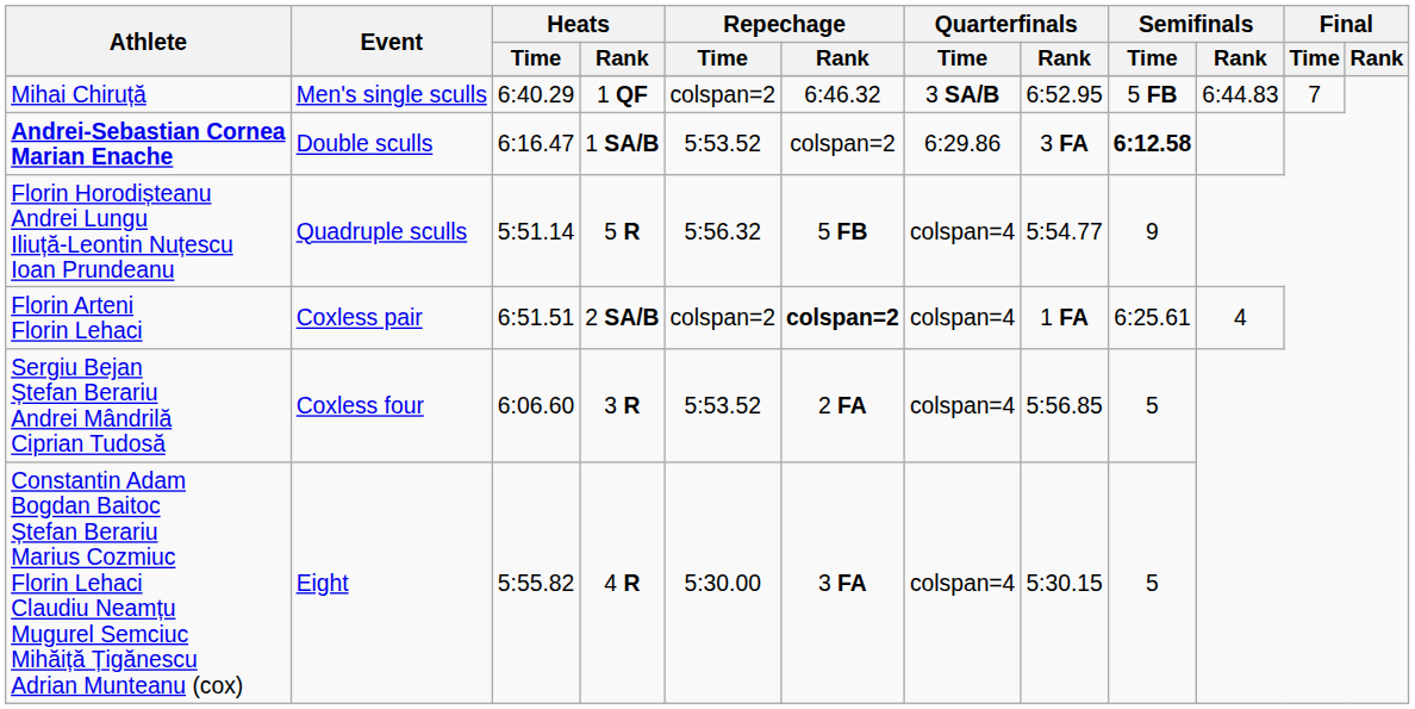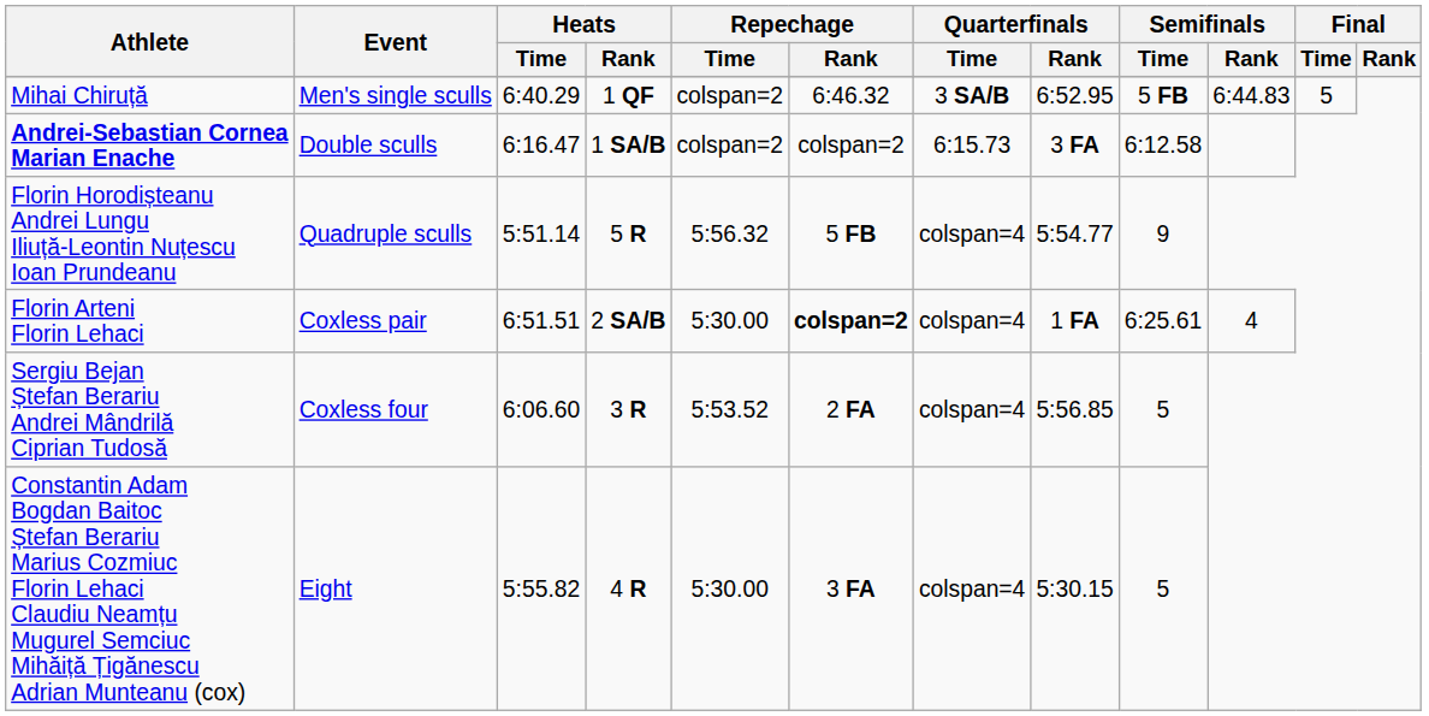 <table class=wikitable style=font-size:90%;text-align:center>
 <tr>
 <th rowspan=2>Athlete</th>
 <th rowspan=2>Event</th>
 <th colspan=2>Heats</th>
 <th colspan=2>Repechage</th>
 <th colspan=2>Quarterfinals</th>
 <th colspan=2>Semifinals</th>
 <th colspan=2>Final</th>
 </tr>
 <tr style=font-size:95%>
 <th>Time</th>
 <th>Rank</th>
 <th>Time</th>
 <th>Rank</th>
 <th>Time</th>
 <th>Rank</th>
 <th>Time</th>
 <th>Rank</th>
 <th>Time</th>
 <th>Rank</th>
 </tr>
 <tr>
 </tr>
 <tr>
 <td align=left><a href='#'>Mihai Chiruță</a></td>
 <td align=left><a href='#'>Men's single sculls</a></td>
 <td>6:40.29</td>
 <td>1 <strong>QF</strong></td>
 <td>colspan=2 </td>
 <td>6:46.32</td>
 <td>3 <strong>SA/B</strong></td>
 <td>6:52.95</td>
 <td>5 <strong>FB</strong></td>
 <td>6:44.83</td>
-<td>7</td>
+<td>5</td>
 </tr>
 <tr>
 <td align=left><strong><a href='#'>Andrei-Sebastian Cornea</a></strong><br><strong><a href='#'>Marian Enache</a></strong></td>
 <td align=left><a href='#'>Double sculls</a></td>
 <td>6:16.47</td>
 <td>1 <strong>SA/B</strong></td>
-<td>5:53.52</td>
 <td>colspan=2 </td>
-<td>6:29.86</td>
+<td>colspan=2 </td>
+<td>6:15.73</td>
 <td>3 <strong>FA</strong></td>
-<td><strong>6:12.58</strong></td>
+<td>6:12.58</td>
 <td></td>
 </tr>
 <tr>
 <td align=left><a href='#'>Florin Horodișteanu</a><br><a href='#'>Andrei Lungu</a><br><a href='#'>Iliuță-Leontin Nuțescu</a><br><a href='#'>Ioan Prundeanu</a></td>
 <td align=left><a href='#'>Quadruple sculls</a></td>
 <td>5:51.14</td>
 <td>5 <strong>R</strong></td>
 <td>5:56.32</td>
 <td>5 <strong>FB</strong></td>
 <td>colspan=4 </td>
 <td>5:54.77</td>
 <td>9</td>
 </tr>
 <tr>
 <td align=left><a href='#'>Florin Arteni</a><br><a href='#'>Florin Lehaci</a></td>
 <td align=left><a href='#'>Coxless pair</a></td>
 <td>6:51.51</td>
 <td>2 <strong>SA/B</strong></td>
-<td>colspan=2 </td>
+<td>5:30.00</td>
 <td><strong>colspan=2 </strong></td>
 <td>colspan=4 </td>
 <td>1 <strong>FA</strong></td>
 <td>6:25.61</td>
 <td>4</td>
 </tr>
 <tr>
 <td align=left><a href='#'>Sergiu Bejan</a><br><a href='#'>Ștefan Berariu</a><br><a href='#'>Andrei Mândrilă</a><br><a href='#'>Ciprian Tudosă</a></td>
 <td align=left><a href='#'>Coxless four</a></td>
 <td>6:06.60</td>
 <td>3 <strong>R</strong></td>
 <td>5:53.52</td>
 <td>2 <strong>FA</strong></td>
 <td>colspan=4 </td>
 <td>5:56.85</td>
 <td>5</td>
 </tr>
 <tr>
 <td align=left><a href='#'>Constantin Adam</a><br><a href='#'>Bogdan Baitoc</a><br><a href='#'>Ștefan Berariu</a><br><a href='#'>Marius Cozmiuc</a><br><a href='#'>Florin Lehaci</a><br><a href='#'>Claudiu Neamțu</a><br><a href='#'>Mugurel Semciuc</a><br><a href='#'>Mihăiță Țigănescu</a><br><a href='#'>Adrian Munteanu</a> (cox)</td>
 <td align=left><a href='#'>Eight</a></td>
 <td>5:55.82</td>
 <td>4 <strong>R</strong></td>
 <td>5:30.00</td>
 <td>3 <strong>FA</strong></td>
 <td>colspan=4 </td>
 <td>5:30.15</td>
 <td>5</td>
 </tr>
 </table>
